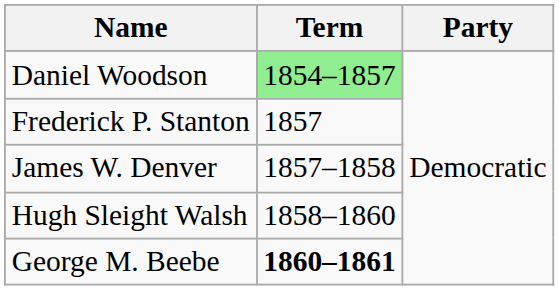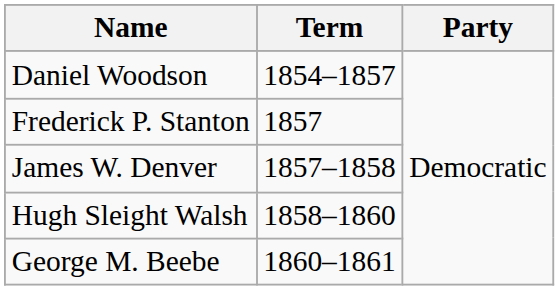 <table class="wikitable">
 <tr>
 <th>Name</th>
 <th>Term</th>
 <th>Party</th>
 </tr>
 <tr>
 <td>Daniel Woodson</td>
-<td style="background: lightgreen;">1854–1857</td>
+<td>1854–1857</td>
 <td rowspan=5 >Democratic</td>
 </tr>
 <tr>
 <td>Frederick P. Stanton</td>
 <td>1857</td>
 </tr>
 <tr>
 <td>James W. Denver</td>
 <td>1857–1858</td>
 </tr>
 <tr>
 <td>Hugh Sleight Walsh</td>
 <td>1858–1860</td>
 </tr>
 <tr>
 <td>George M. Beebe</td>
-<td><strong>1860–1861</strong></td>
+<td>1860–1861</td>
 </tr>
 </table>
